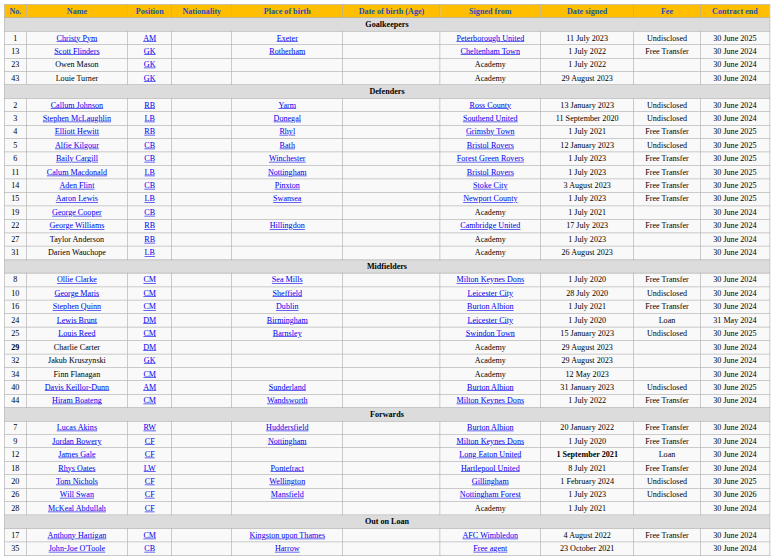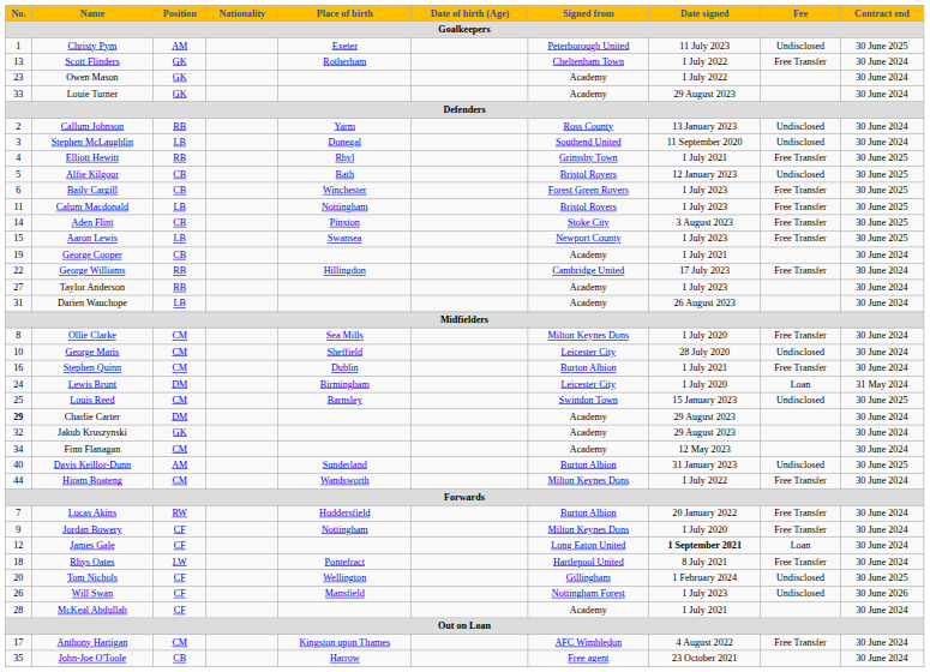 <table class="wikitable" style="text-align:center; font-size:84.5%; width:101%;">
 <tr>
 <th style="background:#ffbf00;color:#1C4EBD; text-align:center;">No.</th>
 <th style="background:#ffbf00;color:#1C4EBD; text-align:center;">Name</th>
 <th style="background:#ffbf00;color:#1C4EBD; text-align:center;">Position</th>
 <th style="background:#ffbf00;color:#1C4EBD; text-align:center;">Nationality</th>
 <th style="background:#ffbf00;color:#1C4EBD; text-align:center;">Place of birth</th>
 <th style="background:#ffbf00;color:#1C4EBD; text-align:center;">Date of birth (Age)</th>
 <th style="background:#ffbf00;color:#1C4EBD; text-align:center;">Signed from</th>
 <th style="background:#ffbf00;color:#1C4EBD; text-align:center;">Date signed</th>
 <th style="background:#ffbf00;color:#1C4EBD; text-align:center;">Fee</th>
 <th style="background:#ffbf00;color:#1C4EBD; text-align:center;">Contract end</th>
 </tr>
 <tr>
 <th colspan="14" style="background:#dcdcdc; tepxt-align:center;">Goalkeepers</th>
 </tr>
 <tr>
 <td>1</td>
 <td><a href='#'>Christy Pym</a></td>
 <td><a href='#'>AM</a></td>
 <td></td>
 <td><a href='#'>Exeter</a></td>
 <td></td>
 <td><a href='#'>Peterborough United</a></td>
 <td>11 July 2023</td>
 <td>Undisclosed</td>
 <td>30 June 2025</td>
 </tr>
 <tr>
 <td>13</td>
 <td><a href='#'>Scott Flinders</a></td>
 <td><a href='#'>GK</a></td>
 <td></td>
 <td><a href='#'>Rotherham</a></td>
 <td></td>
 <td><a href='#'>Cheltenham Town</a></td>
 <td>1 July 2022</td>
 <td>Free Transfer</td>
 <td>30 June 2024</td>
 </tr>
 <tr>
 <td>23</td>
 <td>Owen Mason</td>
 <td><a href='#'>GK</a></td>
 <td></td>
 <td></td>
 <td></td>
 <td>Academy</td>
 <td>1 July 2022</td>
 <td></td>
 <td>30 June 2024</td>
 </tr>
 <tr>
-<td>43</td>
+<td>33</td>
 <td>Louie Turner</td>
 <td><a href='#'>GK</a></td>
 <td></td>
 <td></td>
 <td></td>
 <td>Academy</td>
 <td>29 August 2023</td>
 <td></td>
 <td>30 June 2024</td>
 </tr>
 <tr>
 <th colspan="14" style="background:#dcdcdc; tepxt-align:center;">Defenders</th>
 </tr>
 <tr>
 <td>2</td>
 <td><a href='#'>Callum Johnson</a></td>
 <td><a href='#'>RB</a></td>
 <td></td>
 <td><a href='#'>Yarm</a></td>
 <td></td>
 <td> <a href='#'>Ross County</a></td>
 <td>13 January 2023</td>
 <td>Undisclosed</td>
 <td>30 June 2024</td>
 </tr>
 <tr>
 <td>3</td>
 <td><a href='#'>Stephen McLaughlin</a></td>
 <td><a href='#'>LB</a></td>
 <td></td>
 <td><a href='#'>Donegal</a></td>
 <td></td>
 <td><a href='#'>Southend United</a></td>
 <td>11 September 2020</td>
 <td>Undisclosed</td>
 <td>30 June 2024</td>
 </tr>
 <tr>
 <td>4</td>
 <td><a href='#'>Elliott Hewitt</a></td>
 <td><a href='#'>RB</a></td>
 <td></td>
 <td><a href='#'>Rhyl</a></td>
 <td></td>
 <td><a href='#'>Grimsby Town</a></td>
 <td>1 July 2021</td>
 <td>Free Transfer</td>
 <td>30 June 2025</td>
 </tr>
 <tr>
 <td>5</td>
 <td><a href='#'>Alfie Kilgour</a></td>
 <td><a href='#'>CB</a></td>
 <td></td>
 <td><a href='#'>Bath</a></td>
 <td></td>
 <td><a href='#'>Bristol Rovers</a></td>
 <td>12 January 2023</td>
 <td>Undisclosed</td>
 <td>30 June 2025</td>
 </tr>
 <tr>
 <td>6</td>
 <td><a href='#'>Baily Cargill</a></td>
 <td><a href='#'>CB</a></td>
 <td></td>
 <td><a href='#'>Winchester</a></td>
 <td></td>
 <td><a href='#'>Forest Green Rovers</a></td>
 <td>1 July 2023</td>
 <td>Free Transfer</td>
 <td>30 June 2025</td>
 </tr>
 <tr>
 <td>11</td>
 <td><a href='#'>Calum Macdonald</a></td>
 <td><a href='#'>LB</a></td>
 <td></td>
 <td> <a href='#'>Nottingham</a></td>
 <td></td>
 <td><a href='#'>Bristol Rovers</a></td>
 <td>1 July 2023</td>
 <td>Free Transfer</td>
 <td>30 June 2025</td>
 </tr>
 <tr>
 <td>14</td>
 <td><a href='#'>Aden Flint</a></td>
 <td><a href='#'>CB</a></td>
 <td></td>
 <td><a href='#'>Pinxton</a></td>
 <td></td>
 <td><a href='#'>Stoke City</a></td>
 <td>3 August 2023</td>
 <td>Free Transfer</td>
 <td>30 June 2025</td>
 </tr>
 <tr>
 <td>15</td>
 <td><a href='#'>Aaron Lewis</a></td>
 <td><a href='#'>LB</a></td>
 <td></td>
 <td><a href='#'>Swansea</a></td>
 <td></td>
 <td> <a href='#'>Newport County</a></td>
 <td>1 July 2023</td>
 <td>Free Transfer</td>
 <td>30 June 2025</td>
 </tr>
 <tr>
 <td>19</td>
 <td><a href='#'>George Cooper</a></td>
 <td><a href='#'>CB</a></td>
 <td></td>
 <td></td>
 <td></td>
 <td>Academy</td>
 <td>1 July 2021</td>
 <td></td>
 <td>30 June 2024</td>
 </tr>
 <tr>
 <td>22</td>
 <td><a href='#'>George Williams</a></td>
 <td><a href='#'>RB</a></td>
 <td></td>
 <td><a href='#'>Hillingdon</a></td>
 <td></td>
 <td><a href='#'>Cambridge United</a></td>
 <td>17 July 2023</td>
 <td>Free Transfer</td>
 <td>30 June 2024</td>
 </tr>
 <tr>
 <td>27</td>
 <td>Taylor Anderson</td>
 <td><a href='#'>RB</a></td>
 <td></td>
 <td></td>
 <td></td>
 <td>Academy</td>
 <td>1 July 2023</td>
 <td></td>
 <td>30 June 2024</td>
 </tr>
 <tr>
 <td>31</td>
 <td>Darien Wauchope</td>
 <td><a href='#'>LB</a></td>
 <td></td>
 <td></td>
 <td></td>
 <td>Academy</td>
 <td>26 August 2023</td>
 <td></td>
 <td>30 June 2024</td>
 </tr>
 <tr>
 <th colspan="14" style="background:#dcdcdc; tepxt-align:center;">Midfielders</th>
 </tr>
 <tr>
 <td>8</td>
 <td><a href='#'>Ollie Clarke</a></td>
 <td><a href='#'>CM</a></td>
 <td></td>
 <td><a href='#'>Sea Mills</a></td>
 <td></td>
 <td><a href='#'>Milton Keynes Dons</a></td>
 <td>1 July 2020</td>
 <td>Free Transfer</td>
 <td>30 June 2024</td>
 </tr>
 <tr>
 <td>10</td>
 <td><a href='#'>George Maris</a></td>
 <td><a href='#'>CM</a></td>
 <td></td>
 <td><a href='#'>Sheffield</a></td>
 <td></td>
 <td><a href='#'>Leicester City</a></td>
 <td>28 July 2020</td>
 <td>Undisclosed</td>
 <td>30 June 2024</td>
 </tr>
 <tr>
 <td>16</td>
 <td><a href='#'>Stephen Quinn</a></td>
 <td><a href='#'>CM</a></td>
 <td></td>
 <td><a href='#'>Dublin</a></td>
 <td></td>
 <td><a href='#'>Burton Albion</a></td>
 <td>1 July 2021</td>
 <td>Free Transfer</td>
 <td>30 June 2024</td>
 </tr>
 <tr>
 <td>24</td>
 <td><a href='#'>Lewis Brunt</a></td>
 <td><a href='#'>DM</a></td>
 <td></td>
 <td><a href='#'>Birmingham</a></td>
 <td></td>
 <td><a href='#'>Leicester City</a></td>
 <td>1 July 2020</td>
 <td>Loan</td>
 <td>31 May 2024</td>
 </tr>
 <tr>
 <td>25</td>
 <td><a href='#'>Louis Reed</a></td>
 <td><a href='#'>CM</a></td>
 <td></td>
 <td><a href='#'>Barnsley</a></td>
 <td></td>
 <td><a href='#'>Swindon Town</a></td>
 <td>15 January 2023</td>
 <td>Undisclosed</td>
 <td>30 June 2025</td>
 </tr>
 <tr>
 <td><strong>29</strong></td>
 <td>Charlie Carter</td>
 <td><a href='#'>DM</a></td>
 <td></td>
 <td></td>
 <td></td>
 <td>Academy</td>
 <td>29 August 2023</td>
 <td></td>
 <td>30 June 2024</td>
 </tr>
 <tr>
 <td>32</td>
 <td>Jakub Kruszynski</td>
 <td><a href='#'>GK</a></td>
 <td></td>
 <td></td>
 <td></td>
 <td>Academy</td>
 <td>29 August 2023</td>
 <td></td>
 <td>30 June 2024</td>
 </tr>
 <tr>
 <td>34</td>
 <td>Finn Flanagan</td>
 <td><a href='#'>CM</a></td>
 <td></td>
 <td></td>
 <td></td>
 <td>Academy</td>
 <td>12 May 2023</td>
 <td></td>
 <td>30 June 2024</td>
 </tr>
 <tr>
 <td>40</td>
 <td><a href='#'>Davis Keillor-Dunn</a></td>
 <td><a href='#'>AM</a></td>
 <td></td>
 <td><a href='#'>Sunderland</a></td>
 <td></td>
 <td><a href='#'>Burton Albion</a></td>
 <td>31 January 2023</td>
 <td>Undisclosed</td>
 <td>30 June 2025</td>
 </tr>
 <tr>
 <td>44</td>
 <td><a href='#'>Hiram Boateng</a></td>
 <td><a href='#'>CM</a></td>
 <td></td>
 <td><a href='#'>Wandsworth</a></td>
 <td></td>
 <td><a href='#'>Milton Keynes Dons</a></td>
 <td>1 July 2022</td>
 <td>Free Transfer</td>
 <td>30 June 2024</td>
 </tr>
 <tr>
 <th colspan="14" style="background:#dcdcdc; tepxt-align:center;">Forwards</th>
 </tr>
 <tr>
 <td>7</td>
 <td><a href='#'>Lucas Akins</a></td>
 <td><a href='#'>RW</a></td>
 <td></td>
 <td> <a href='#'>Huddersfield</a></td>
 <td></td>
 <td><a href='#'>Burton Albion</a></td>
 <td>20 January 2022</td>
 <td>Free Transfer</td>
 <td>30 June 2024</td>
 </tr>
 <tr>
 <td>9</td>
 <td><a href='#'>Jordan Bowery</a></td>
 <td><a href='#'>CF</a></td>
 <td></td>
 <td><a href='#'>Nottingham</a></td>
 <td></td>
 <td><a href='#'>Milton Keynes Dons</a></td>
 <td>1 July 2020</td>
 <td>Free Transfer</td>
 <td>30 June 2024</td>
 </tr>
 <tr>
 <td>12</td>
 <td><a href='#'>James Gale</a></td>
 <td><a href='#'>CF</a></td>
 <td></td>
 <td></td>
 <td></td>
 <td><a href='#'>Long Eaton United</a></td>
 <td><strong>1 September 2021</strong></td>
 <td>Loan</td>
 <td>30 June 2024</td>
 </tr>
 <tr>
 <td>18</td>
 <td><a href='#'>Rhys Oates</a></td>
 <td><a href='#'>LW</a></td>
 <td></td>
 <td><a href='#'>Pontefract</a></td>
 <td></td>
 <td><a href='#'>Hartlepool United</a></td>
 <td>8 July 2021</td>
 <td>Free Transfer</td>
 <td>30 June 2024</td>
 </tr>
 <tr>
 <td>20</td>
 <td><a href='#'>Tom Nichols</a></td>
 <td><a href='#'>CF</a></td>
 <td></td>
 <td><a href='#'>Wellington</a></td>
 <td></td>
 <td><a href='#'>Gillingham</a></td>
 <td>1 February 2024</td>
 <td>Undisclosed</td>
 <td>30 June 2025</td>
 </tr>
 <tr>
 <td>26</td>
 <td><a href='#'>Will Swan</a></td>
 <td><a href='#'>CF</a></td>
 <td></td>
 <td><a href='#'>Mansfield</a></td>
 <td></td>
 <td><a href='#'>Nottingham Forest</a></td>
 <td>1 July 2023</td>
 <td>Undisclosed</td>
 <td>30 June 2026</td>
 </tr>
 <tr>
 <td>28</td>
 <td><a href='#'>McKeal Abdullah</a></td>
 <td><a href='#'>CF</a></td>
 <td></td>
 <td></td>
 <td></td>
 <td>Academy</td>
 <td>1 July 2021</td>
 <td></td>
 <td>30 June 2024</td>
 </tr>
 <tr>
 <th colspan="14" style="background:#dcdcdc; tepxt-align:center;">Out on Loan</th>
 </tr>
 <tr>
 <td>17</td>
 <td><a href='#'>Anthony Hartigan</a></td>
 <td><a href='#'>CM</a></td>
 <td></td>
 <td><a href='#'>Kingston upon Thames</a></td>
 <td></td>
 <td><a href='#'>AFC Wimbledon</a></td>
 <td>4 August 2022</td>
 <td>Free Transfer</td>
 <td>30 June 2024</td>
 </tr>
 <tr>
 <td>35</td>
 <td><a href='#'>John-Joe O'Toole</a></td>
 <td><a href='#'>CB</a></td>
 <td></td>
 <td> <a href='#'>Harrow</a></td>
 <td></td>
 <td><a href='#'>Free agent</a></td>
 <td>23 October 2021</td>
 <td></td>
 <td>30 June 2024</td>
 </tr>
 </table>
